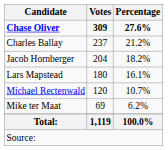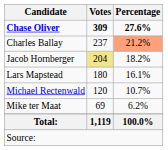 <table class="wikitable sortable tpl-blanktable" style="font-size:90%;text-align:center;">
 <tr>
 <th>Candidate</th>
 <th>Votes</th>
 <th>Percentage</th>
 </tr>
 <tr>
 <td style="text-align:left;"><strong><a href='#'>Chase Oliver</a></strong></td>
 <td><strong>309</strong></td>
 <td><strong>27.6%</strong></td>
 </tr>
 <tr>
 <td style="text-align:left;">Charles Ballay</td>
 <td>237</td>
-<td>21.2%</td>
+<td style="background: lightsalmon;">21.2%</td>
 </tr>
 <tr>
 <td style="text-align:left;">Jacob Hornberger</td>
-<td>204</td>
+<td style="background: khaki;">204</td>
 <td>18.2%</td>
 </tr>
 <tr>
 <td style="text-align:left;">Lars Mapstead</td>
 <td>180</td>
 <td>16.1%</td>
 </tr>
 <tr>
 <td style="text-align:left;"><a href='#'>Michael Rectenwald</a></td>
 <td>120</td>
 <td>10.7%</td>
 </tr>
 <tr>
 <td style="text-align:left;">Mike ter Maat</td>
 <td>69</td>
 <td>6.2%</td>
 </tr>
 <tr>
 </tr>
 <tr style="background:#eee;">
 <th>Total:</th>
 <th>1,119</th>
 <th>100.0%</th>
 </tr>
 <tr>
 <td colspan="3" style="text-align:left;">Source:</td>
 </tr>
 </table>
